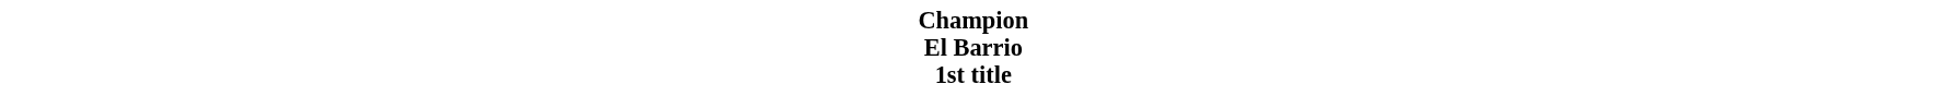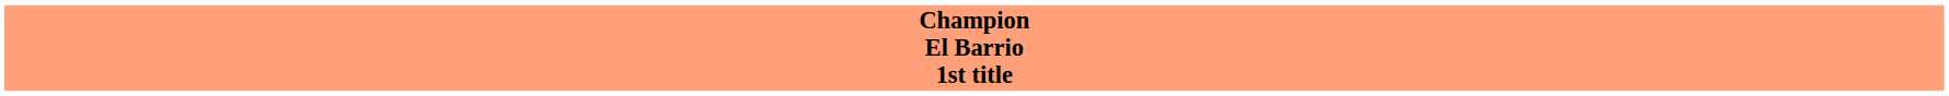 <table width="100%" cellspacing="0">
 <tr>
 <td align="center"></td>
 </tr>
 <tr>
-<td align="center"><strong>Champion<br>El Barrio<br>1st title</strong></td>
+<td align="center" style="background: lightsalmon;"><strong>Champion<br>El Barrio<br>1st title</strong></td>
 </tr>
 </table>
